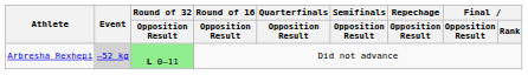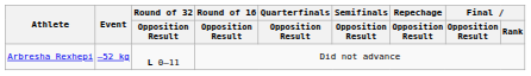 <table class="wikitable" style="text-align:center; font-size:90%">
 <tr>
 <th rowspan=2>Athlete</th>
 <th rowspan=2>Event</th>
 <th>Round of 32</th>
 <th>Round of 16</th>
 <th>Quarterfinals</th>
 <th>Semifinals</th>
 <th>Repechage</th>
 <th colspan=2>Final / </th>
 </tr>
 <tr style="font-size:95%">
 <th>Opposition<br>Result</th>
 <th>Opposition<br>Result</th>
 <th>Opposition<br>Result</th>
 <th>Opposition<br>Result</th>
 <th>Opposition<br>Result</th>
 <th>Opposition<br>Result</th>
 <th>Rank</th>
 </tr>
 <tr>
 <td align=left><a href='#'>Arbresha Rexhepi</a></td>
-<td align=left style="background: lightgrey;"><a href='#'>–52 kg</a></td>
-<td style="background: lightgreen;"><br><strong>L</strong> 0–11</td>
+<td align=left><a href='#'>–52 kg</a></td>
+<td><br><strong>L</strong> 0–11</td>
 <td colspan=6>Did not advance</td>
 </tr>
 </table>
